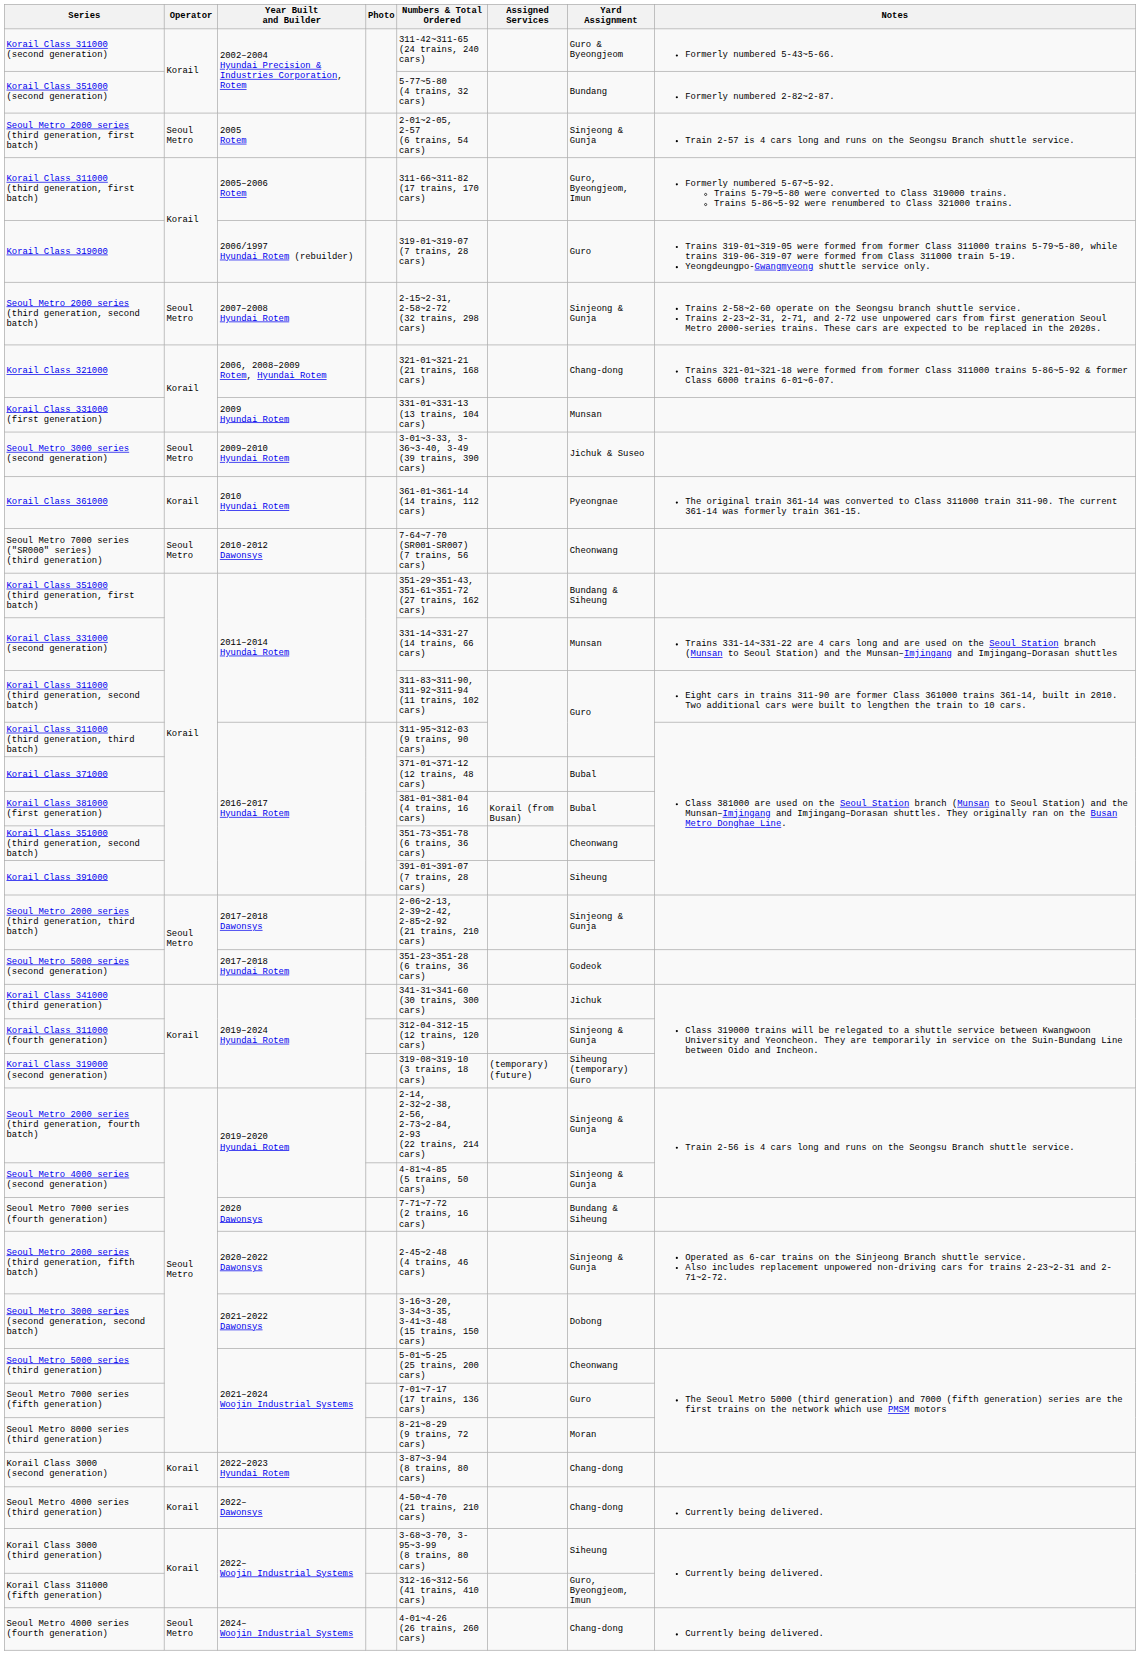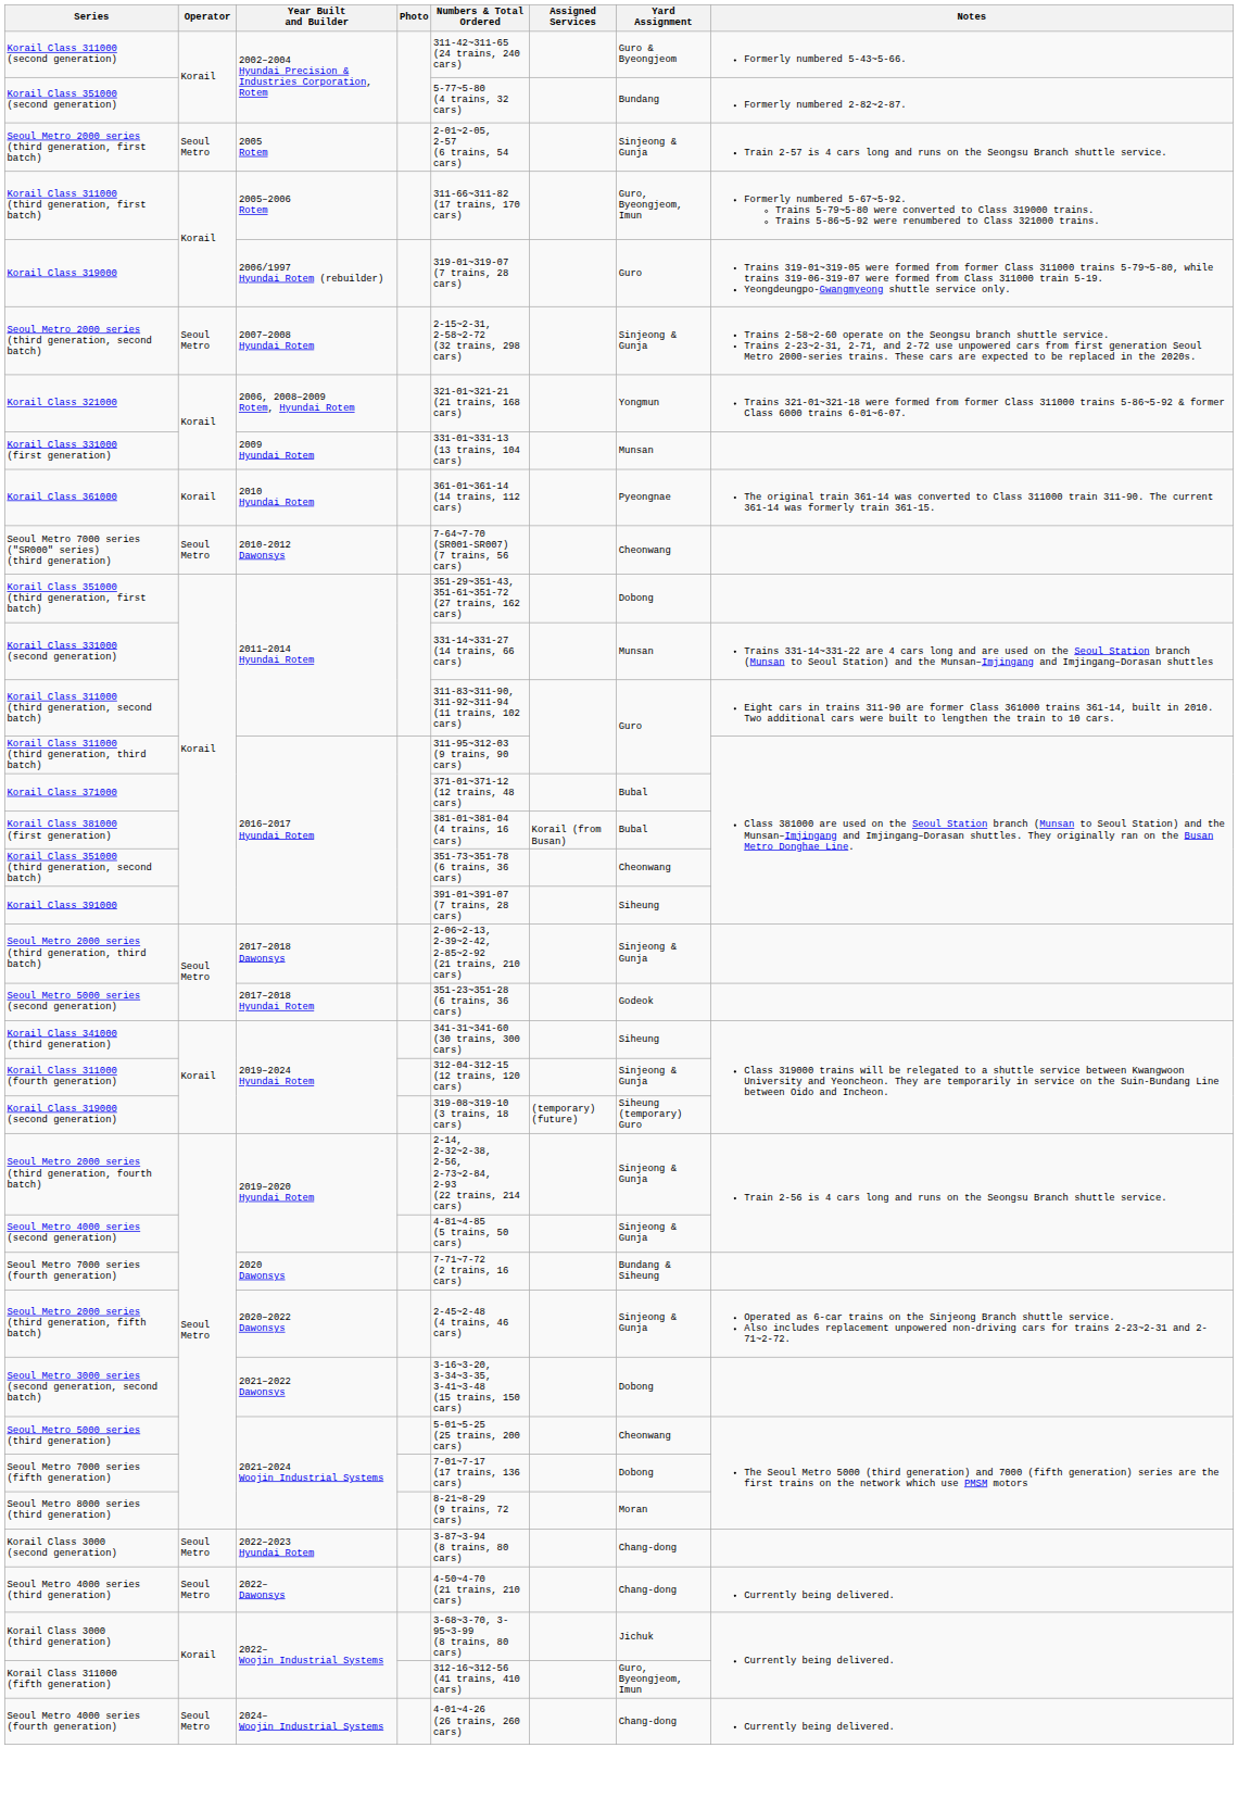 <table class="wikitable sortable" style="font-size: 95%;" |>
 <tr>
 <th>Series</th>
 <th>Operator</th>
 <th>Year Built<br>and Builder</th>
 <th>Photo</th>
 <th width=120px>Numbers & Total Ordered</th>
 <th>Assigned Services</th>
 <th>Yard<br>Assignment</th>
 <th>Notes</th>
 </tr>
 <tr>
 <td><a href='#'>Korail Class 311000</a><br>(second generation)</td>
 <td rowspan=2>Korail</td>
 <td rowspan=2>2002–2004<br><a href='#'>Hyundai Precision & Industries Corporation</a>, <a href='#'>Rotem</a></td>
 <td rowspan=2><br></td>
 <td>311-42~311-65<br>(24 trains, 240 cars)</td>
 <td></td>
 <td>Guro & Byeongjeom</td>
 <td><br><ul><li>Formerly numbered 5-43~5-66.</li></ul></td>
 </tr>
 <tr>
 <td><a href='#'>Korail Class 351000</a><br>(second generation)</td>
 <td>5-77~5-80<br>(4 trains, 32 cars)</td>
 <td></td>
 <td>Bundang</td>
 <td><br><ul><li>Formerly numbered 2-82~2-87.</li></ul></td>
 </tr>
 <tr>
 <td><a href='#'>Seoul Metro 2000 series</a><br>(third generation, first batch)</td>
 <td>Seoul Metro</td>
 <td>2005<br><a href='#'>Rotem</a></td>
 <td></td>
 <td>2-01~2-05,<br>2-57<br>(6 trains, 54 cars)</td>
 <td></td>
 <td>Sinjeong & Gunja</td>
 <td><br><ul><li>Train 2-57 is 4 cars long and runs on the Seongsu Branch shuttle service.</li></ul></td>
 </tr>
 <tr>
 <td><a href='#'>Korail Class 311000</a><br>(third generation, first batch)</td>
 <td rowspan=2>Korail</td>
 <td>2005–2006<br><a href='#'>Rotem</a></td>
 <td></td>
 <td>311-66~311-82<br>(17 trains, 170 cars)</td>
 <td></td>
 <td>Guro, Byeongjeom, Imun</td>
 <td><br><ul><li>Formerly numbered 5-67~5-92.<ul><li>Trains 5-79~5-80 were converted to Class 319000 trains.</li><li>Trains 5-86~5-92 were renumbered to Class 321000 trains.</li></ul></li></ul></td>
 </tr>
 <tr>
 <td><a href='#'>Korail Class 319000</a></td>
 <td>2006/1997<br><a href='#'>Hyundai Rotem</a> (rebuilder)</td>
 <td></td>
 <td>319-01~319-07<br>(7 trains, 28 cars)</td>
 <td></td>
 <td>Guro</td>
 <td><br><ul><li>Trains 319-01~319-05 were formed from former Class 311000 trains 5-79~5-80, while trains 319-06-319-07 were formed from Class 311000 train 5-19.</li><li>Yeongdeungpo-<a href='#'>Gwangmyeong</a> shuttle service only.</li></ul></td>
 </tr>
 <tr>
 <td><a href='#'>Seoul Metro 2000 series</a> (third generation, second batch)</td>
 <td>Seoul Metro</td>
 <td>2007–2008<br><a href='#'>Hyundai Rotem</a></td>
 <td></td>
 <td>2-15~2-31,<br>2-58~2-72<br>(32 trains, 298 cars)</td>
 <td></td>
 <td>Sinjeong & Gunja</td>
 <td><br><ul><li>Trains 2-58~2-60 operate on the Seongsu branch shuttle service.</li><li>Trains 2-23~2-31, 2-71, and 2-72 use unpowered cars from first generation Seoul Metro 2000-series trains. These cars are expected to be replaced in the 2020s.</li></ul></td>
 </tr>
 <tr>
 <td><a href='#'>Korail Class 321000</a></td>
 <td rowspan=2>Korail</td>
 <td>2006, 2008–2009<br><a href='#'>Rotem</a>, <a href='#'>Hyundai Rotem</a></td>
 <td></td>
 <td>321-01~321-21<br>(21 trains, 168 cars)</td>
 <td></td>
-<td>Chang-dong</td>
+<td>Yongmun</td>
 <td><br><ul><li>Trains 321-01~321-18 were formed from former Class 311000 trains 5-86~5-92 & former Class 6000 trains 6-01~6-07.</li></ul></td>
 </tr>
 <tr>
 <td><a href='#'>Korail Class 331000</a><br>(first generation)</td>
 <td>2009<br><a href='#'>Hyundai Rotem</a></td>
 <td></td>
 <td>331-01~331-13<br>(13 trains, 104 cars)</td>
 <td></td>
 <td>Munsan</td>
-<td></td>
-</tr>
-<tr>
-<td><a href='#'>Seoul Metro 3000 series</a><br>(second generation)</td>
-<td>Seoul Metro</td>
-<td>2009–2010<br><a href='#'>Hyundai Rotem</a></td>
-<td></td>
-<td>3-01~3-33, 3-36~3-40, 3-49<br>(39 trains, 390 cars)</td>
-<td></td>
-<td>Jichuk & Suseo</td>
 <td></td>
 </tr>
 <tr>
 <td><a href='#'>Korail Class 361000</a></td>
 <td>Korail</td>
 <td>2010<br><a href='#'>Hyundai Rotem</a></td>
 <td></td>
 <td>361-01~361-14<br>(14 trains, 112 cars)</td>
 <td></td>
 <td>Pyeongnae</td>
 <td><br><ul><li>The original train 361-14 was converted to Class 311000 train 311-90. The current 361-14 was formerly train 361-15.</li></ul></td>
 </tr>
 <tr>
 <td>Seoul Metro 7000 series ("SR000" series)<br>(third generation)</td>
 <td>Seoul Metro</td>
 <td>2010-2012<br><a href='#'>Dawonsys</a></td>
 <td></td>
 <td>7-64~7-70 (SR001-SR007)<br>(7 trains, 56 cars)</td>
 <td></td>
 <td>Cheonwang</td>
 <td></td>
 </tr>
 <tr>
 <td><a href='#'>Korail Class 351000</a><br>(third generation, first batch)</td>
 <td rowspan=8>Korail</td>
 <td rowspan=3>2011–2014<br><a href='#'>Hyundai Rotem</a></td>
 <td rowspan=3><br> </td>
 <td>351-29~351-43,<br>351-61~351-72<br>(27 trains, 162 cars)</td>
 <td></td>
-<td>Bundang & Siheung</td>
+<td>Dobong</td>
 <td></td>
 </tr>
 <tr>
 <td><a href='#'>Korail Class 331000</a><br>(second generation)</td>
 <td>331-14~331-27<br>(14 trains, 66 cars)</td>
 <td></td>
 <td>Munsan</td>
 <td><br><ul><li>Trains 331-14~331-22 are 4 cars long and are used on the <a href='#'>Seoul Station</a> branch (<a href='#'>Munsan</a> to Seoul Station) and the Munsan–<a href='#'>Imjingang</a> and Imjingang–Dorasan shuttles</li></ul></td>
 </tr>
 <tr>
 <td><a href='#'>Korail Class 311000</a><br>(third generation, second batch)</td>
 <td>311-83~311-90,<br>311-92~311-94<br>(11 trains, 102 cars)</td>
 <td rowspan= 2></td>
 <td rowspan= 2>Guro</td>
 <td><br><ul><li>Eight cars in trains 311-90 are former Class 361000 trains 361-14, built in 2010. Two additional cars were built to lengthen the train to 10 cars.</li></ul></td>
 </tr>
 <tr>
 <td><a href='#'>Korail Class 311000</a><br>(third generation, third batch)</td>
 <td rowspan=5>2016–2017<br><a href='#'>Hyundai Rotem</a></td>
 <td rowspan=5><br> </td>
 <td>311-95~312-03<br>(9 trains, 90 cars)</td>
 <td rowspan=5><br><ul><li>Class 381000 are used on the <a href='#'>Seoul Station</a> branch (<a href='#'>Munsan</a> to Seoul Station) and the Munsan–<a href='#'>Imjingang</a> and Imjingang–Dorasan shuttles. They originally ran on the <a href='#'>Busan Metro Donghae Line</a>.</li></ul></td>
 </tr>
 <tr>
 <td><a href='#'>Korail Class 371000</a></td>
 <td>371-01~371-12<br>(12 trains, 48 cars)</td>
 <td></td>
 <td>Bubal</td>
 </tr>
 <tr>
 <td><a href='#'>Korail Class 381000</a><br>(first generation)</td>
 <td>381-01~381-04<br>(4 trains, 16 cars)</td>
 <td><br>Korail  (from Busan)</td>
 <td>Bubal</td>
 </tr>
 <tr>
 <td><a href='#'>Korail Class 351000</a><br>(third generation, second batch)</td>
 <td>351-73~351-78<br>(6 trains, 36 cars)</td>
 <td></td>
 <td>Cheonwang</td>
 </tr>
 <tr>
 <td><a href='#'>Korail Class 391000</a></td>
 <td>391-01~391-07<br>(7 trains, 28 cars)</td>
 <td></td>
 <td>Siheung</td>
 </tr>
 <tr>
 <td><a href='#'>Seoul Metro 2000 series</a><br>(third generation, third batch)</td>
 <td rowspan=2>Seoul Metro</td>
 <td>2017–2018<br><a href='#'>Dawonsys</a></td>
 <td></td>
 <td>2-06~2-13,<br>2-39~2-42,<br>2-85~2-92<br>(21 trains, 210 cars)</td>
 <td></td>
 <td>Sinjeong & Gunja</td>
 <td></td>
 </tr>
 <tr>
 <td><a href='#'>Seoul Metro 5000 series</a><br>(second generation)</td>
 <td>2017–2018<br><a href='#'>Hyundai Rotem</a></td>
 <td></td>
 <td>351-23~351-28<br>(6 trains, 36 cars)</td>
 <td></td>
 <td>Godeok</td>
 <td></td>
 </tr>
 <tr>
 <td><a href='#'>Korail Class 341000</a><br>(third generation)</td>
 <td rowspan=3>Korail</td>
 <td rowspan=3>2019–2024<br><a href='#'>Hyundai Rotem</a></td>
 <td></td>
 <td>341-31~341-60<br>(30 trains, 300 cars)</td>
 <td></td>
-<td>Jichuk</td>
+<td>Siheung</td>
 <td rowspan=3><br><ul><li>Class 319000 trains will be relegated to a shuttle service between Kwangwoon University and Yeoncheon. They are temporarily in service on the Suin-Bundang Line between Oido and Incheon.</li></ul></td>
 </tr>
 <tr>
 <td><a href='#'>Korail Class 311000</a><br>(fourth generation)</td>
 <td></td>
 <td>312-04-312-15<br>(12 trains, 120 cars)</td>
 <td></td>
 <td>Sinjeong & Gunja</td>
 </tr>
 <tr>
 <td><a href='#'>Korail Class 319000</a><br>(second generation)</td>
 <td></td>
 <td>319-08~319-10<br>(3 trains, 18 cars)</td>
 <td> (temporary)<br> (future)</td>
 <td>Siheung (temporary)<br>Guro</td>
 </tr>
 <tr>
 <td><a href='#'>Seoul Metro 2000 series</a><br>(third generation, fourth batch)</td>
 <td rowspan=8>Seoul Metro</td>
 <td rowspan=2>2019–2020<br><a href='#'>Hyundai Rotem</a></td>
 <td></td>
 <td>2-14,<br>2-32~2-38,<br>2-56,<br>2-73~2-84,<br>2-93<br>(22 trains, 214 cars)</td>
 <td></td>
 <td>Sinjeong & Gunja</td>
 <td rowspan=2><br><ul><li>Train 2-56 is 4 cars long and runs on the Seongsu Branch shuttle service.</li></ul></td>
 </tr>
 <tr>
 <td><a href='#'>Seoul Metro 4000 series</a><br>(second generation)</td>
 <td></td>
 <td>4-81~4-85<br>(5 trains, 50 cars)</td>
 <td></td>
 <td>Sinjeong & Gunja</td>
 </tr>
 <tr>
 <td>Seoul Metro 7000 series<br>(fourth generation)</td>
 <td>2020<br><a href='#'>Dawonsys</a></td>
 <td></td>
 <td>7-71~7-72<br>(2 trains, 16 cars)</td>
 <td></td>
 <td>Bundang & Siheung</td>
 <td></td>
 </tr>
 <tr>
 <td><a href='#'>Seoul Metro 2000 series</a><br>(third generation, fifth batch)</td>
 <td>2020–2022<br><a href='#'>Dawonsys</a></td>
 <td></td>
 <td>2-45~2-48<br>(4 trains, 46 cars)</td>
 <td></td>
 <td>Sinjeong & Gunja</td>
 <td><br><ul><li>Operated as 6-car trains on the Sinjeong Branch shuttle service.</li><li>Also includes replacement unpowered non-driving cars for trains 2-23~2-31 and 2-71~2-72.</li></ul></td>
 </tr>
 <tr>
 <td><a href='#'>Seoul Metro 3000 series</a><br>(second generation, second batch)</td>
 <td>2021–2022<br><a href='#'>Dawonsys</a></td>
 <td></td>
 <td>3-16~3-20,<br>3-34~3-35,<br>3-41~3-48<br>(15 trains, 150 cars)</td>
 <td></td>
 <td>Dobong</td>
 <td></td>
 </tr>
 <tr>
 <td><a href='#'>Seoul Metro 5000 series</a><br>(third generation)</td>
 <td rowspan=3>2021–2024<br><a href='#'>Woojin Industrial Systems</a></td>
 <td></td>
 <td>5-01~5-25<br>(25 trains, 200 cars)</td>
 <td></td>
 <td>Cheonwang</td>
 <td rowspan=3><br><ul><li>The Seoul Metro 5000 (third generation) and 7000 (fifth generation) series are the first trains on the network which use <a href='#'>PMSM</a> motors</li></ul></td>
 </tr>
 <tr>
 <td>Seoul Metro 7000 series<br>(fifth generation)</td>
 <td></td>
 <td>7-01~7-17<br>(17 trains, 136 cars)</td>
 <td></td>
-<td>Guro</td>
+<td>Dobong</td>
 </tr>
 <tr>
 <td>Seoul Metro 8000 series<br>(third generation)</td>
 <td></td>
 <td>8-21~8-29<br>(9 trains, 72 cars)</td>
 <td></td>
 <td>Moran</td>
 </tr>
 <tr>
 <td>Korail Class 3000<br>(second generation)</td>
-<td>Korail</td>
+<td>Seoul Metro</td>
 <td>2022–2023<br><a href='#'>Hyundai Rotem</a></td>
 <td></td>
 <td>3-87~3-94<br>(8 trains, 80 cars)</td>
 <td></td>
 <td>Chang-dong</td>
 <td></td>
 </tr>
 <tr>
 <td>Seoul Metro 4000 series<br>(third generation)</td>
-<td>Korail</td>
+<td>Seoul Metro</td>
 <td>2022–<br><a href='#'>Dawonsys</a></td>
 <td></td>
 <td>4-50~4-70<br>(21 trains, 210 cars)</td>
 <td></td>
 <td>Chang-dong</td>
 <td><br><ul><li>Currently being delivered.</li></ul></td>
 </tr>
 <tr>
 <td>Korail Class 3000<br>(third generation)</td>
 <td rowspan="2">Korail</td>
 <td rowspan="2">2022–<br><a href='#'>Woojin Industrial Systems</a></td>
 <td></td>
 <td>3-68~3-70, 3-95~3-99<br>(8 trains, 80 cars)</td>
 <td></td>
-<td>Siheung</td>
+<td>Jichuk</td>
 <td rowspan="2"><br><ul><li>Currently being delivered.</li></ul></td>
 </tr>
 <tr>
 <td>Korail Class 311000<br>(fifth generation)</td>
 <td></td>
 <td>312-16~312-56<br>(41 trains, 410 cars)</td>
 <td></td>
 <td>Guro, Byeongjeom, Imun</td>
 </tr>
 <tr>
 <td>Seoul Metro 4000 series<br>(fourth generation)</td>
 <td>Seoul Metro</td>
 <td>2024–<br><a href='#'>Woojin Industrial Systems</a></td>
 <td></td>
 <td>4-01~4-26<br>(26 trains, 260 cars)</td>
 <td></td>
 <td>Chang-dong</td>
 <td><br><ul><li>Currently being delivered.</li></ul></td>
 </tr>
 </table>
